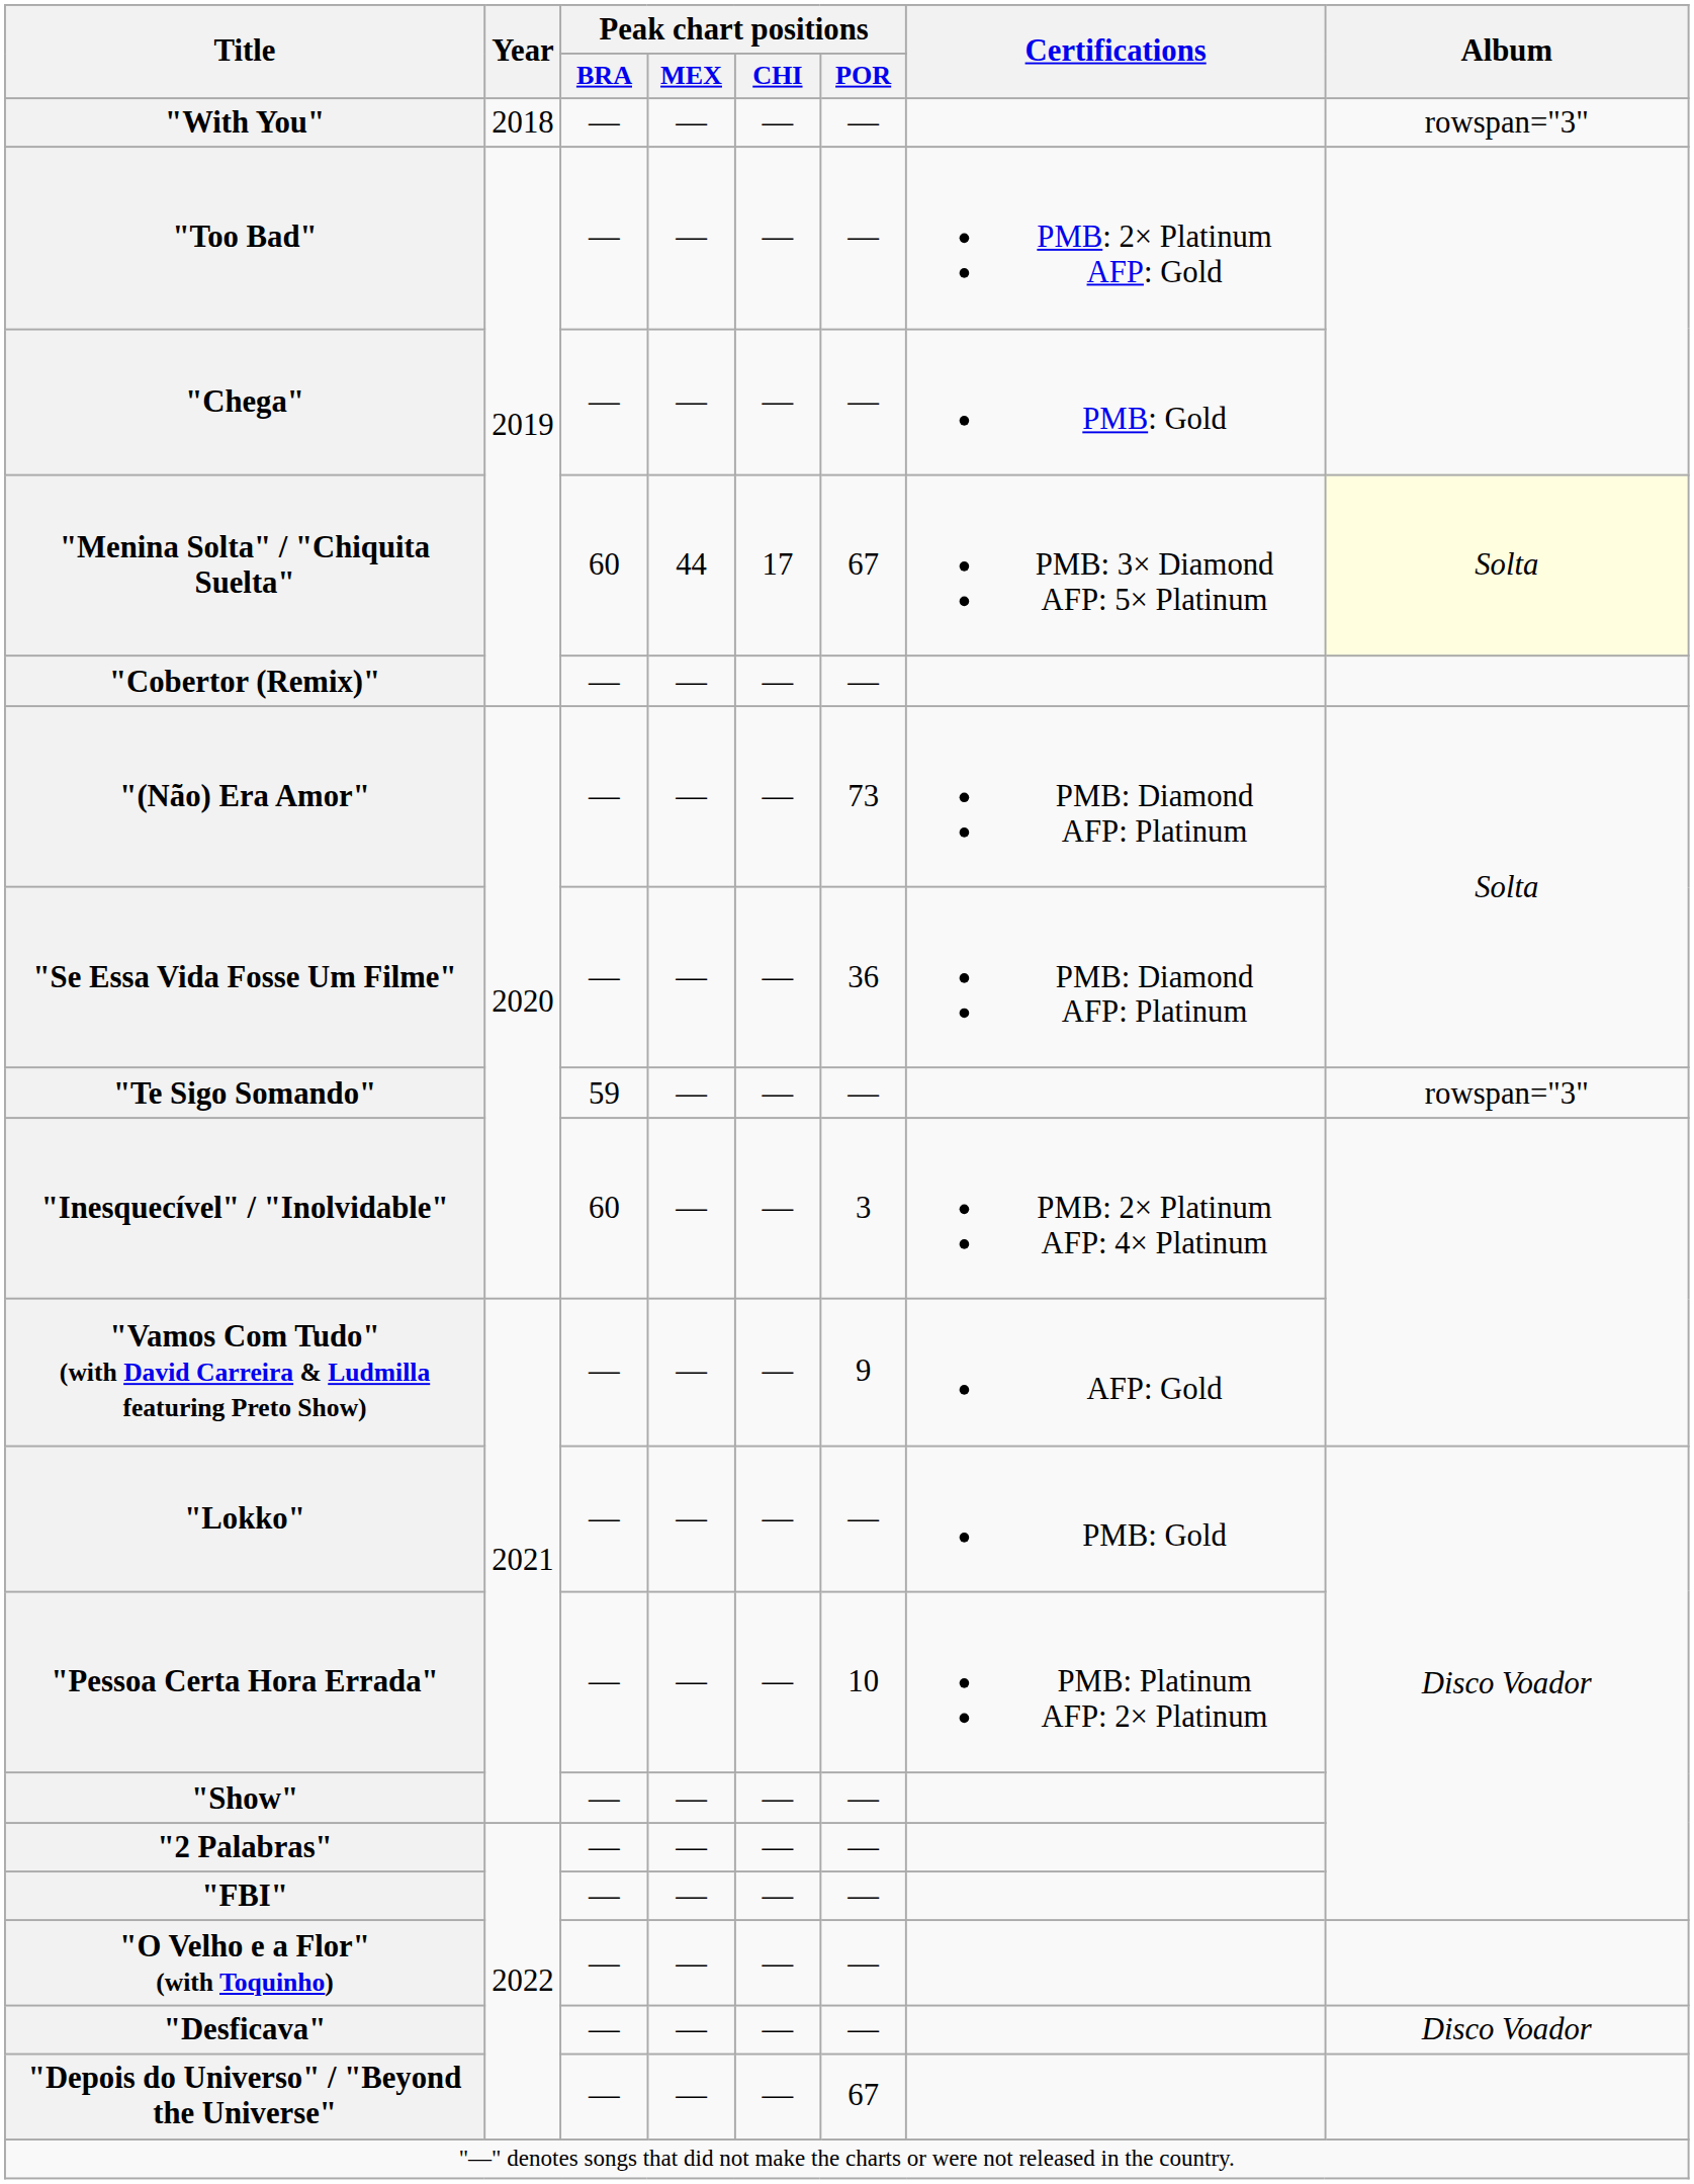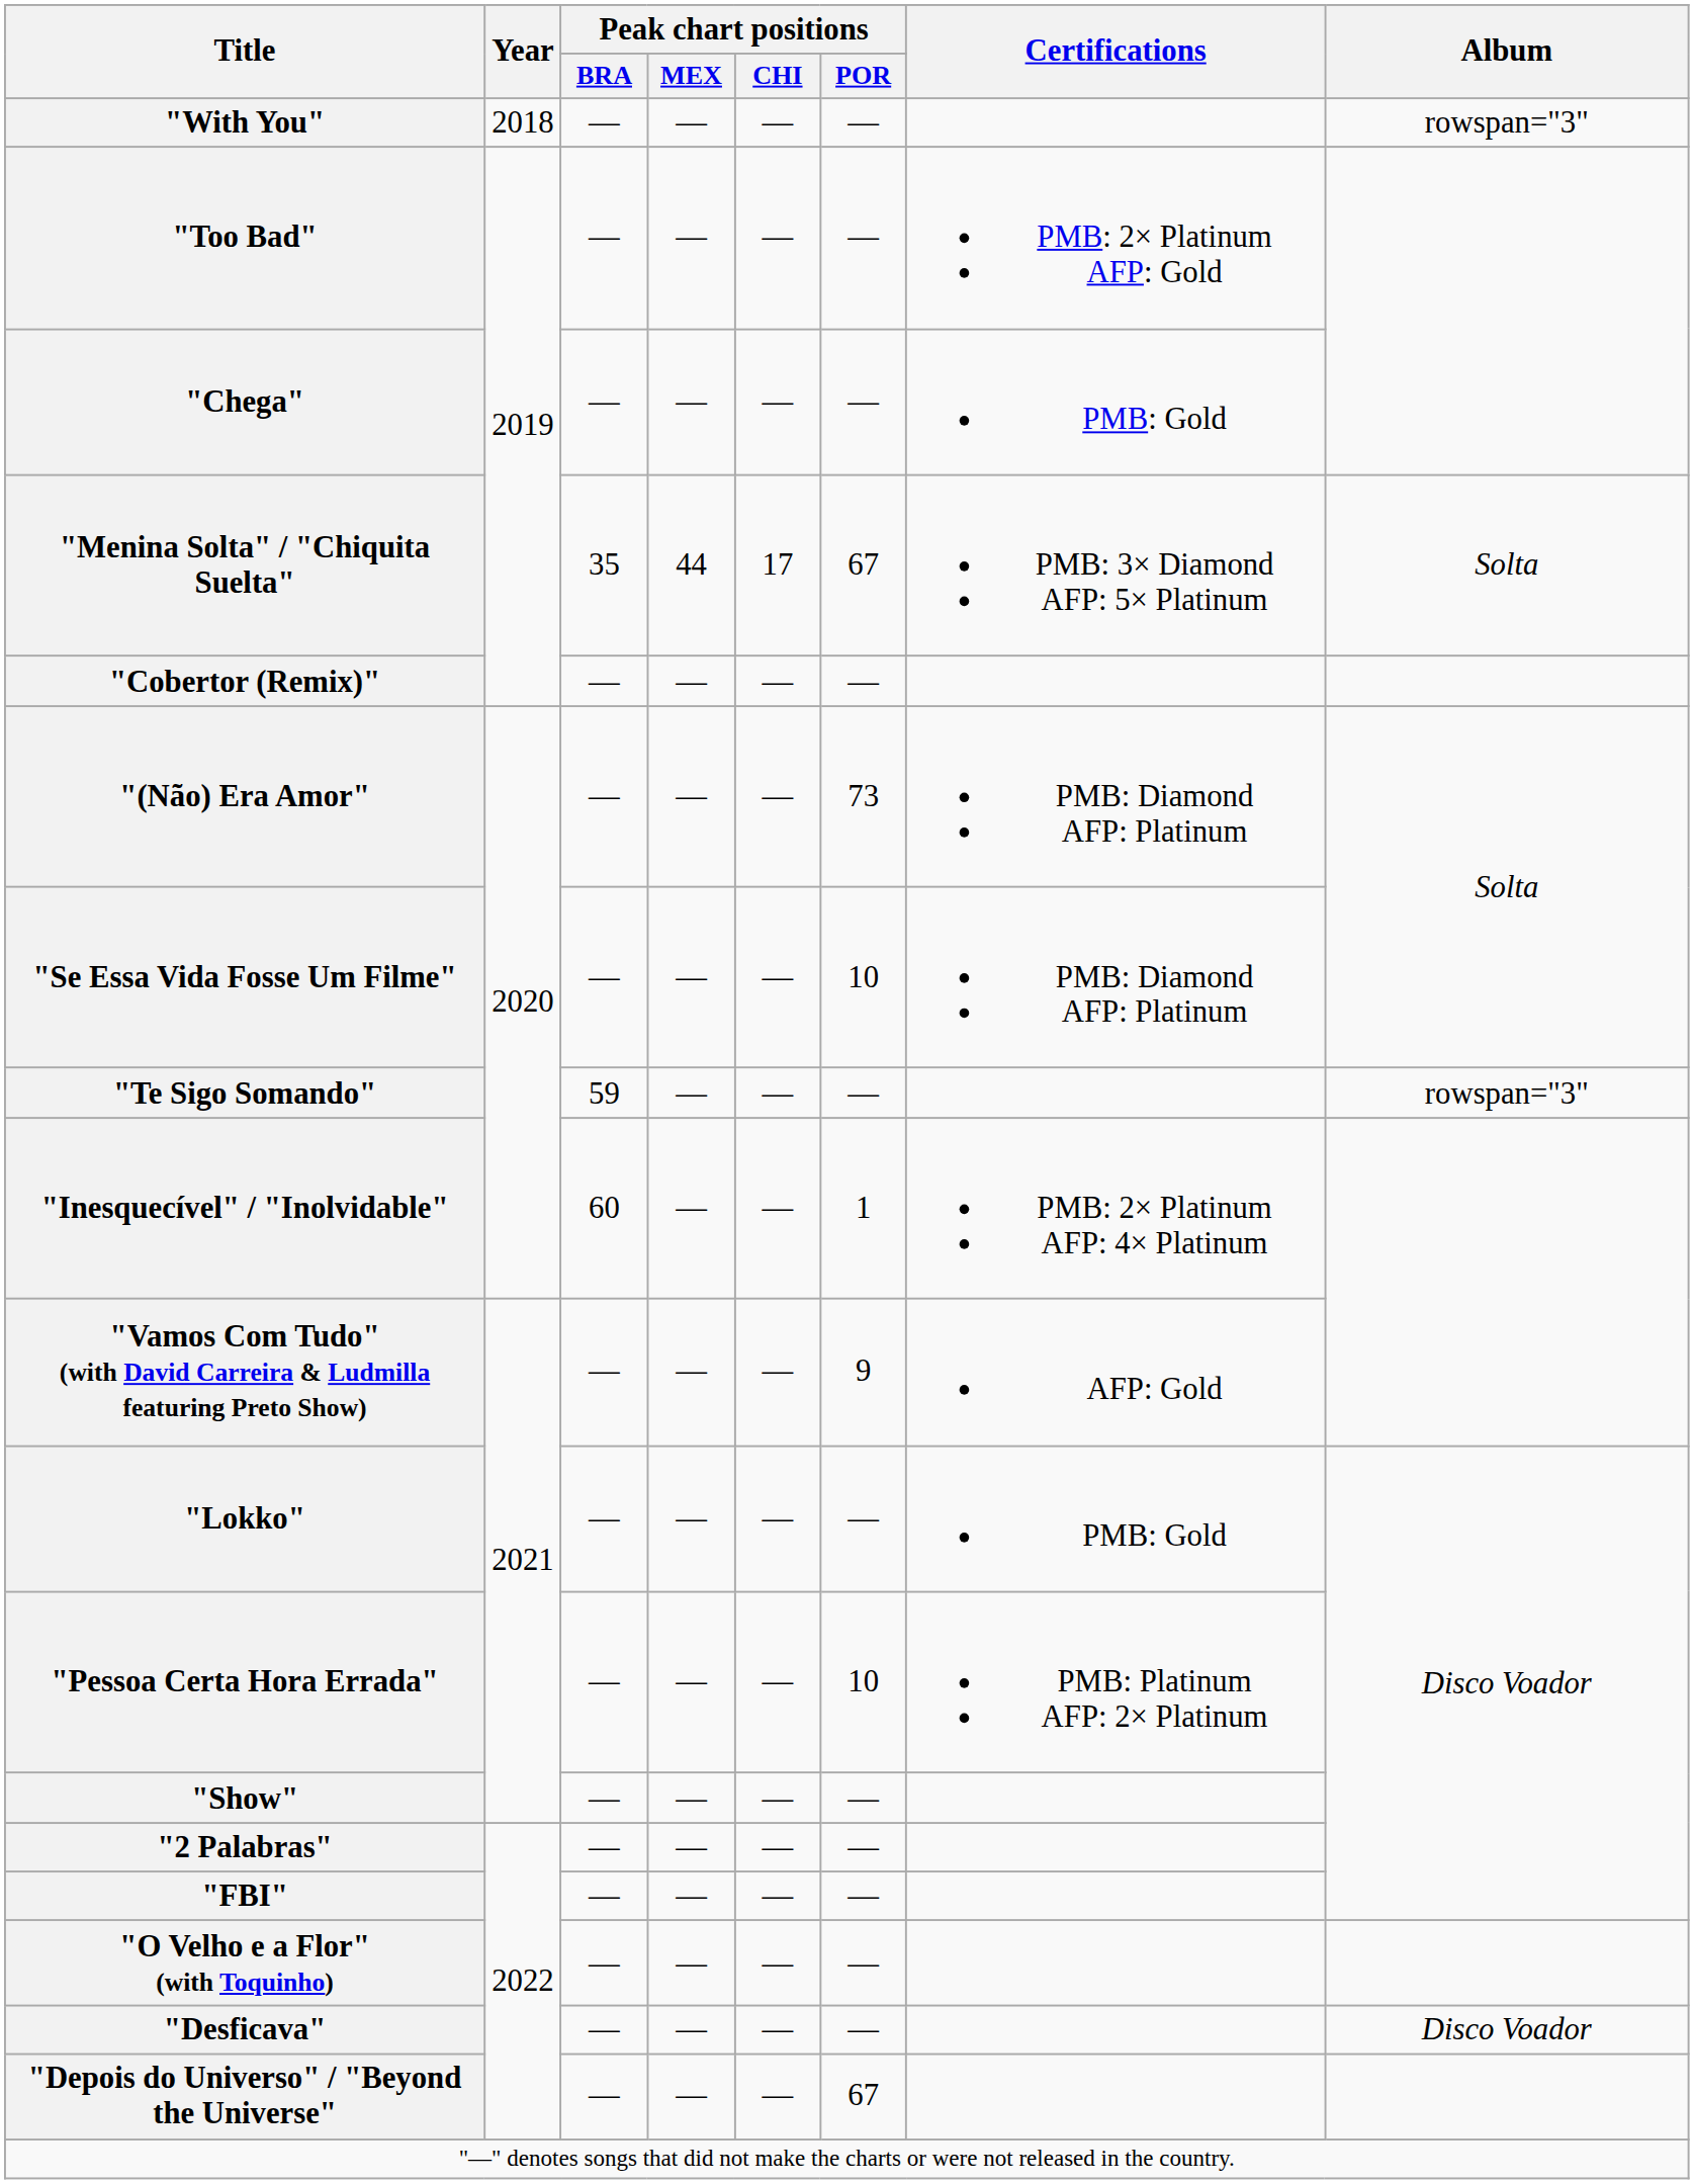 <table class="wikitable plainrowheaders" style="text-align:center;" border="1">
 <tr>
 <th scope="col" rowspan="2" style="width:17.5em;">Title</th>
 <th scope="col" rowspan="2" style="width:1em;">Year</th>
 <th scope="col" colspan="4">Peak chart positions</th>
 <th scope="col" rowspan="2" style="width:15em;"><a href='#'>Certifications</a></th>
 <th scope="col" rowspan="2" style="width:13em;">Album</th>
 </tr>
 <tr>
 <th scope="col" style="width:3em;font-size:85%;"><a href='#'>BRA</a><br></th>
 <th scope="col" style="width:3em;font-size:85%;"><a href='#'>MEX</a><br></th>
 <th scope="col" style="width:3em;font-size:85%;"><a href='#'>CHI</a><br></th>
 <th scope="col" style="width:3em;font-size:85%;"><a href='#'>POR</a><br></th>
 </tr>
 <tr>
 <th scope="row">"With You"<br></th>
 <td>2018</td>
 <td>—</td>
 <td>—</td>
 <td>—</td>
 <td>—</td>
 <td></td>
 <td>rowspan="3" </td>
 </tr>
 <tr>
 <th scope="row">"Too Bad"</th>
 <td rowspan=4>2019</td>
 <td>—</td>
 <td>—</td>
 <td>—</td>
 <td>—</td>
 <td><br><ul><li><a href='#'>PMB</a>: 2× Platinum</li><li><a href='#'>AFP</a>: Gold</li></ul></td>
 </tr>
 <tr>
 <th scope="row">"Chega"</th>
 <td>—</td>
 <td>—</td>
 <td>—</td>
 <td>—</td>
 <td><br><ul><li><a href='#'>PMB</a>: Gold</li></ul></td>
 </tr>
 <tr>
 <th scope="row">"Menina Solta" / "Chiquita Suelta"</th>
-<td>60</td>
+<td>35</td>
 <td>44</td>
 <td>17</td>
 <td>67</td>
 <td><br><ul><li>PMB: 3× Diamond</li><li>AFP: 5× Platinum</li></ul></td>
-<td style="background: lightyellow;"><em>Solta</em></td>
+<td><em>Solta</em></td>
 </tr>
 <tr>
 <th scope="row">"Cobertor (Remix)"<br></th>
 <td>—</td>
 <td>—</td>
 <td>—</td>
 <td>—</td>
 <td></td>
 <td></td>
 </tr>
 <tr>
 <th scope="row">"(Não) Era Amor"</th>
 <td rowspan="4">2020</td>
 <td>—</td>
 <td>—</td>
 <td>—</td>
 <td>73</td>
 <td><br><ul><li>PMB: Diamond</li><li>AFP: Platinum</li></ul></td>
 <td rowspan="2" align="center"><em>Solta</em></td>
 </tr>
 <tr>
 <th scope="row">"Se Essa Vida Fosse Um Filme"</th>
 <td>—</td>
 <td>—</td>
 <td>—</td>
-<td>36</td>
+<td>10</td>
 <td><br><ul><li>PMB: Diamond</li><li>AFP: Platinum</li></ul></td>
 </tr>
 <tr>
 <th scope="row">"Te Sigo Somando"<br></th>
 <td>59</td>
 <td>—</td>
 <td>—</td>
 <td>—</td>
 <td></td>
 <td>rowspan="3" </td>
 </tr>
 <tr>
 <th scope="row">"Inesquecível" / "Inolvidable"<br></th>
 <td>60</td>
 <td>—</td>
 <td>—</td>
-<td>3</td>
+<td>1</td>
 <td><br><ul><li>PMB: 2× Platinum</li><li>AFP: 4× Platinum</li></ul></td>
 </tr>
 <tr>
 <th scope="row">"Vamos Com Tudo"<br><small>(with <a href='#'>David Carreira</a> & <a href='#'>Ludmilla</a> featuring Preto Show)</small></th>
 <td rowspan="4">2021</td>
 <td>—</td>
 <td>—</td>
 <td>—</td>
 <td>9</td>
 <td><br><ul><li>AFP: Gold</li></ul></td>
 </tr>
 <tr>
 <th scope="row">"Lokko"</th>
 <td>—</td>
 <td>—</td>
 <td>—</td>
 <td>—</td>
 <td><br><ul><li>PMB: Gold</li></ul></td>
 <td rowspan="5"><em>Disco Voador</em></td>
 </tr>
 <tr>
 <th scope="row">"Pessoa Certa Hora Errada"</th>
 <td>—</td>
 <td>—</td>
 <td>—</td>
 <td>10</td>
 <td><br><ul><li>PMB: Platinum</li><li>AFP: 2× Platinum</li></ul></td>
 </tr>
 <tr>
 <th scope="row">"Show"</th>
 <td>—</td>
 <td>—</td>
 <td>—</td>
 <td>—</td>
 <td></td>
 </tr>
 <tr>
 <th scope="row">"2 Palabras"<br></th>
 <td rowspan="5">2022</td>
 <td>—</td>
 <td>—</td>
 <td>—</td>
 <td>—</td>
 <td></td>
 </tr>
 <tr>
 <th scope="row">"FBI"<br></th>
 <td>—</td>
 <td>—</td>
 <td>—</td>
 <td>—</td>
 <td></td>
 </tr>
 <tr>
 <th scope="row">"O Velho e a Flor"<br><small>(with <a href='#'>Toquinho</a>)</small></th>
 <td>—</td>
 <td>—</td>
 <td>—</td>
 <td>—</td>
 <td></td>
 <td></td>
 </tr>
 <tr>
 <th scope="row">"Desficava"</th>
 <td>—</td>
 <td>—</td>
 <td>—</td>
 <td>—</td>
 <td></td>
 <td><em>Disco Voador</em></td>
 </tr>
 <tr>
 <th scope="row">"Depois do Universo" / "Beyond the Universe"</th>
 <td>—</td>
 <td>—</td>
 <td>—</td>
 <td>67</td>
 <td></td>
 <td></td>
 </tr>
 <tr>
 <td colspan="15" style="text-align:center; font-size:9pt;">"—" denotes songs that did not make the charts or were not released in the country.</td>
 </tr>
 </table>
